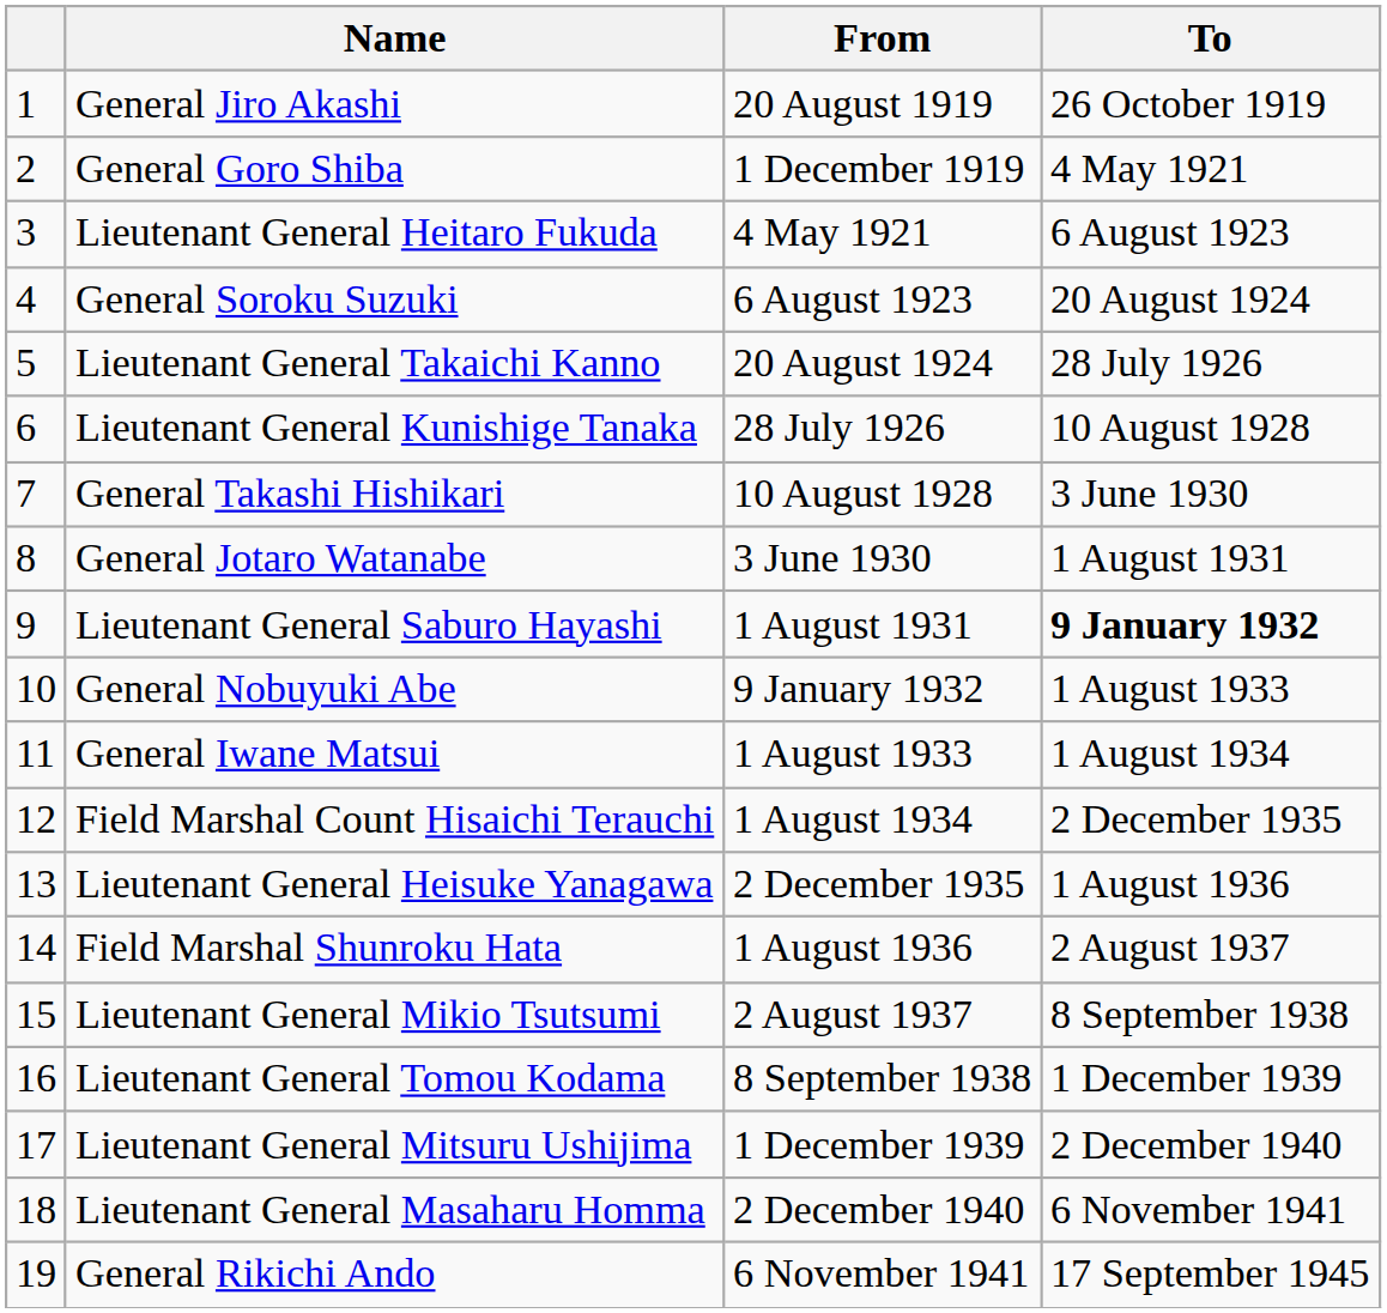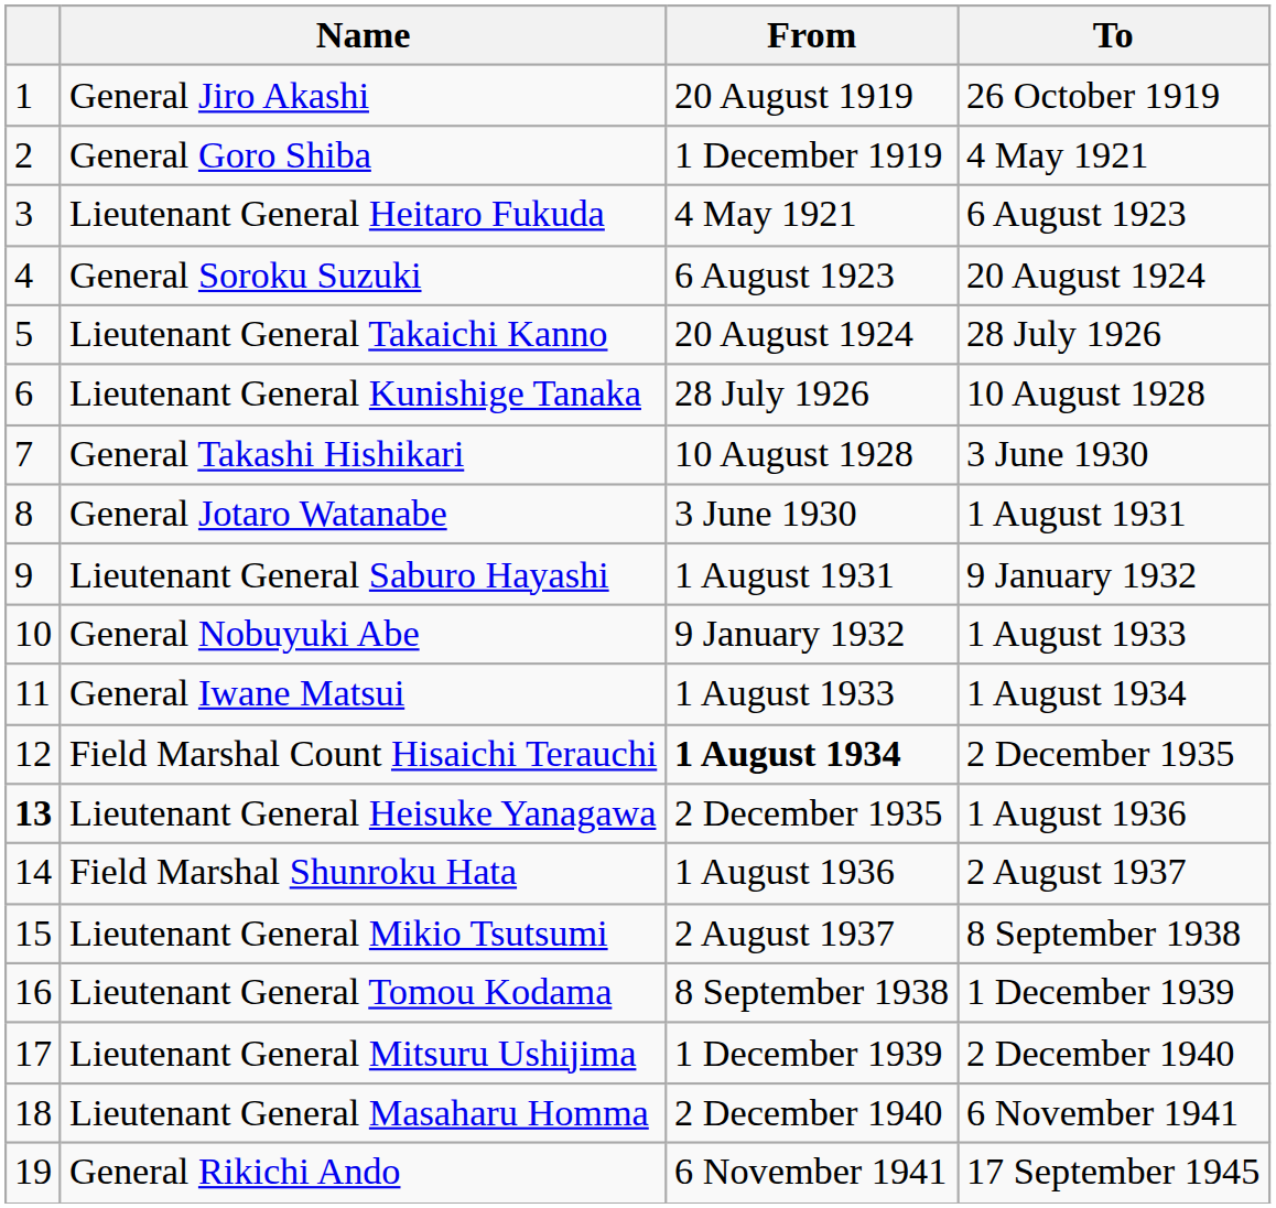 <table class=wikitable>
 <tr>
 <th></th>
 <th>Name</th>
 <th>From</th>
 <th>To</th>
 </tr>
 <tr>
 <td>1</td>
 <td>General <a href='#'>Jiro Akashi</a></td>
 <td>20 August 1919</td>
 <td>26 October 1919</td>
 </tr>
 <tr>
 <td>2</td>
 <td>General <a href='#'>Goro Shiba</a></td>
 <td>1 December 1919</td>
 <td>4 May 1921</td>
 </tr>
 <tr>
 <td>3</td>
 <td>Lieutenant General <a href='#'>Heitaro Fukuda</a></td>
 <td>4 May 1921</td>
 <td>6 August 1923</td>
 </tr>
 <tr>
 <td>4</td>
 <td>General <a href='#'>Soroku Suzuki</a></td>
 <td>6 August 1923</td>
 <td>20 August 1924</td>
 </tr>
 <tr>
 <td>5</td>
 <td>Lieutenant General <a href='#'>Takaichi Kanno</a></td>
 <td>20 August 1924</td>
 <td>28 July 1926</td>
 </tr>
 <tr>
 <td>6</td>
 <td>Lieutenant General <a href='#'>Kunishige Tanaka</a></td>
 <td>28 July 1926</td>
 <td>10 August 1928</td>
 </tr>
 <tr>
 <td>7</td>
 <td>General <a href='#'>Takashi Hishikari</a></td>
 <td>10 August 1928</td>
 <td>3 June 1930</td>
 </tr>
 <tr>
 <td>8</td>
 <td>General <a href='#'>Jotaro Watanabe</a></td>
 <td>3 June 1930</td>
 <td>1 August 1931</td>
 </tr>
 <tr>
 <td>9</td>
 <td>Lieutenant General <a href='#'>Saburo Hayashi</a></td>
 <td>1 August 1931</td>
-<td><strong>9 January 1932</strong></td>
+<td>9 January 1932</td>
 </tr>
 <tr>
 <td>10</td>
 <td>General <a href='#'>Nobuyuki Abe</a></td>
 <td>9 January 1932</td>
 <td>1 August 1933</td>
 </tr>
 <tr>
 <td>11</td>
 <td>General <a href='#'>Iwane Matsui</a></td>
 <td>1 August 1933</td>
 <td>1 August 1934</td>
 </tr>
 <tr>
 <td>12</td>
 <td>Field Marshal Count <a href='#'>Hisaichi Terauchi</a></td>
-<td>1 August 1934</td>
+<td><strong>1 August 1934</strong></td>
 <td>2 December 1935</td>
 </tr>
 <tr>
-<td>13</td>
+<td><strong>13</strong></td>
 <td>Lieutenant General <a href='#'>Heisuke Yanagawa</a></td>
 <td>2 December 1935</td>
 <td>1 August 1936</td>
 </tr>
 <tr>
 <td>14</td>
 <td>Field Marshal <a href='#'>Shunroku Hata</a></td>
 <td>1 August 1936</td>
 <td>2 August 1937</td>
 </tr>
 <tr>
 <td>15</td>
 <td>Lieutenant General <a href='#'>Mikio Tsutsumi</a></td>
 <td>2 August 1937</td>
 <td>8 September 1938</td>
 </tr>
 <tr>
 <td>16</td>
 <td>Lieutenant General <a href='#'>Tomou Kodama</a></td>
 <td>8 September 1938</td>
 <td>1 December 1939</td>
 </tr>
 <tr>
 <td>17</td>
 <td>Lieutenant General <a href='#'>Mitsuru Ushijima</a></td>
 <td>1 December 1939</td>
 <td>2 December 1940</td>
 </tr>
 <tr>
 <td>18</td>
 <td>Lieutenant General <a href='#'>Masaharu Homma</a></td>
 <td>2 December 1940</td>
 <td>6 November 1941</td>
 </tr>
 <tr>
 <td>19</td>
 <td>General <a href='#'>Rikichi Ando</a></td>
 <td>6 November 1941</td>
 <td>17 September 1945</td>
 </tr>
 <tr>
 </tr>
 </table>
